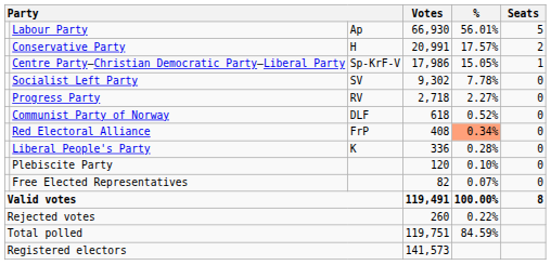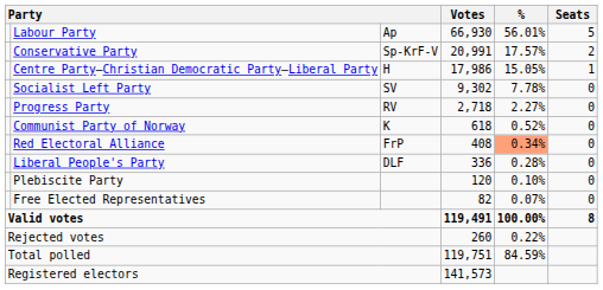 <table class="wikitable" border="1" style="text-align:right;">
 <tr>
 <th style="text-align:left;" colspan=3>Party</th>
 <th align=center width="50">Votes</th>
 <th align=center width="50">%</th>
 <th align=center width="50">Seats</th>
 </tr>
 <tr>
 <td style="color:inherit;background:"></td>
 <td align=left><a href='#'>Labour Party</a></td>
 <td align=left>Ap</td>
 <td>66,930</td>
 <td>56.01%</td>
 <td>5</td>
 </tr>
 <tr>
 <td style="color:inherit;background:"></td>
 <td align=left><a href='#'>Conservative Party</a></td>
-<td align=left>H</td>
+<td align=left>Sp-KrF-V</td>
 <td>20,991</td>
 <td>17.57%</td>
 <td>2</td>
 </tr>
 <tr>
 <td></td>
 <td align=left><a href='#'>Centre Party</a>–<a href='#'>Christian Democratic Party</a>–<a href='#'>Liberal Party</a></td>
-<td align=left>Sp-KrF-V</td>
+<td align=left>H</td>
 <td>17,986</td>
 <td>15.05%</td>
 <td>1</td>
 </tr>
 <tr>
 <td style="color:inherit;background:"></td>
 <td align=left><a href='#'>Socialist Left Party</a></td>
 <td align=left>SV</td>
 <td>9,302</td>
 <td>7.78%</td>
 <td>0</td>
 </tr>
 <tr>
 <td style="color:inherit;background:"></td>
 <td align=left><a href='#'>Progress Party</a></td>
 <td align=left>RV</td>
 <td>2,718</td>
 <td>2.27%</td>
 <td>0</td>
 </tr>
 <tr>
 <td style="color:inherit;background:"></td>
 <td align=left><a href='#'>Communist Party of Norway</a></td>
-<td align=left>DLF</td>
+<td align=left>K</td>
 <td>618</td>
 <td>0.52%</td>
 <td>0</td>
 </tr>
 <tr>
 <td style="color:inherit;background:"></td>
 <td align=left><a href='#'>Red Electoral Alliance</a></td>
 <td align=left>FrP</td>
 <td>408</td>
 <td style="background: lightsalmon;">0.34%</td>
 <td>0</td>
 </tr>
 <tr>
 <td style="color:inherit;background:"></td>
 <td align=left><a href='#'>Liberal People's Party</a></td>
-<td align=left>K</td>
+<td align=left>DLF</td>
 <td>336</td>
 <td>0.28%</td>
 <td>0</td>
 </tr>
 <tr>
 <td></td>
 <td align=left>Plebiscite Party</td>
 <td align=left></td>
 <td>120</td>
 <td>0.10%</td>
 <td>0</td>
 </tr>
 <tr>
 <td></td>
 <td align=left>Free Elected Representatives</td>
 <td align=left></td>
 <td>82</td>
 <td>0.07%</td>
 <td>0</td>
 </tr>
 <tr style="font-weight:bold">
 <td align=left colspan=3>Valid votes</td>
 <td>119,491</td>
 <td>100.00%</td>
 <td>8</td>
 </tr>
 <tr>
 <td align=left colspan=3>Rejected votes</td>
 <td>260</td>
 <td>0.22%</td>
 <td></td>
 </tr>
 <tr>
 <td align=left colspan=3>Total polled</td>
 <td>119,751</td>
 <td>84.59%</td>
 <td></td>
 </tr>
 <tr>
 <td align=left colspan=3>Registered electors</td>
 <td>141,573</td>
 <td></td>
 <td></td>
 </tr>
 </table>
